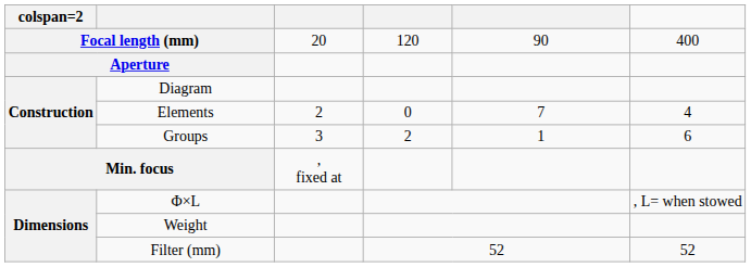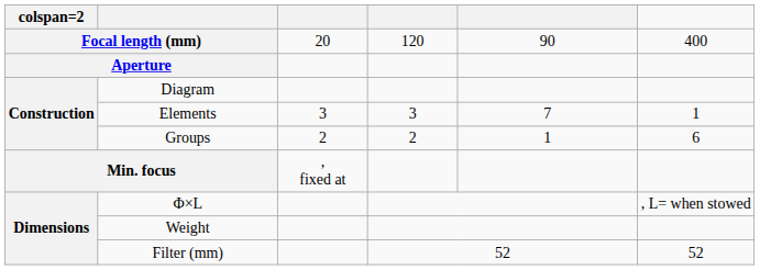 <table class="wikitable" style="font-size:100%;text-align:center;">
 <tr>
 <th>colspan=2 </th>
 <th style="width:24%;"></th>
 <th style="width:12%;"></th>
 <th style="width:12%;"></th>
 <th style="width:24%;"></th>
 </tr>
 <tr>
 <th colspan=2><a href='#'>Focal length</a> (mm)</th>
 <td>20</td>
 <td>120</td>
 <td>90</td>
 <td>400</td>
 </tr>
 <tr>
 <th colspan=2><a href='#'>Aperture</a></th>
 <td></td>
 <td></td>
 <td></td>
 <td></td>
 </tr>
 <tr>
 <th rowspan=3>Construction</th>
 <td>Diagram</td>
 <td></td>
 <td></td>
 <td></td>
 <td></td>
 </tr>
 <tr>
 <td>Elements</td>
-<td>2</td>
-<td>0</td>
+<td>3</td>
+<td>3</td>
 <td>7</td>
-<td>4</td>
+<td>1</td>
 </tr>
 <tr>
 <td>Groups</td>
-<td>3</td>
+<td>2</td>
 <td>2</td>
 <td>1</td>
 <td>6</td>
 </tr>
 <tr>
 <th colspan=2>Min. focus</th>
 <td>,<br>fixed at </td>
 <td></td>
 <td></td>
 <td></td>
 </tr>
 <tr>
 <th rowspan=3>Dimensions</th>
 <td>Φ×L</td>
 <td></td>
 <td colspan=2></td>
 <td>, L= when stowed</td>
 </tr>
 <tr>
 <td>Weight</td>
 <td></td>
 <td colspan=2></td>
 <td></td>
 </tr>
 <tr>
 <td>Filter (mm)</td>
 <td></td>
 <td colspan=2>52</td>
 <td>52</td>
 </tr>
 </table>
